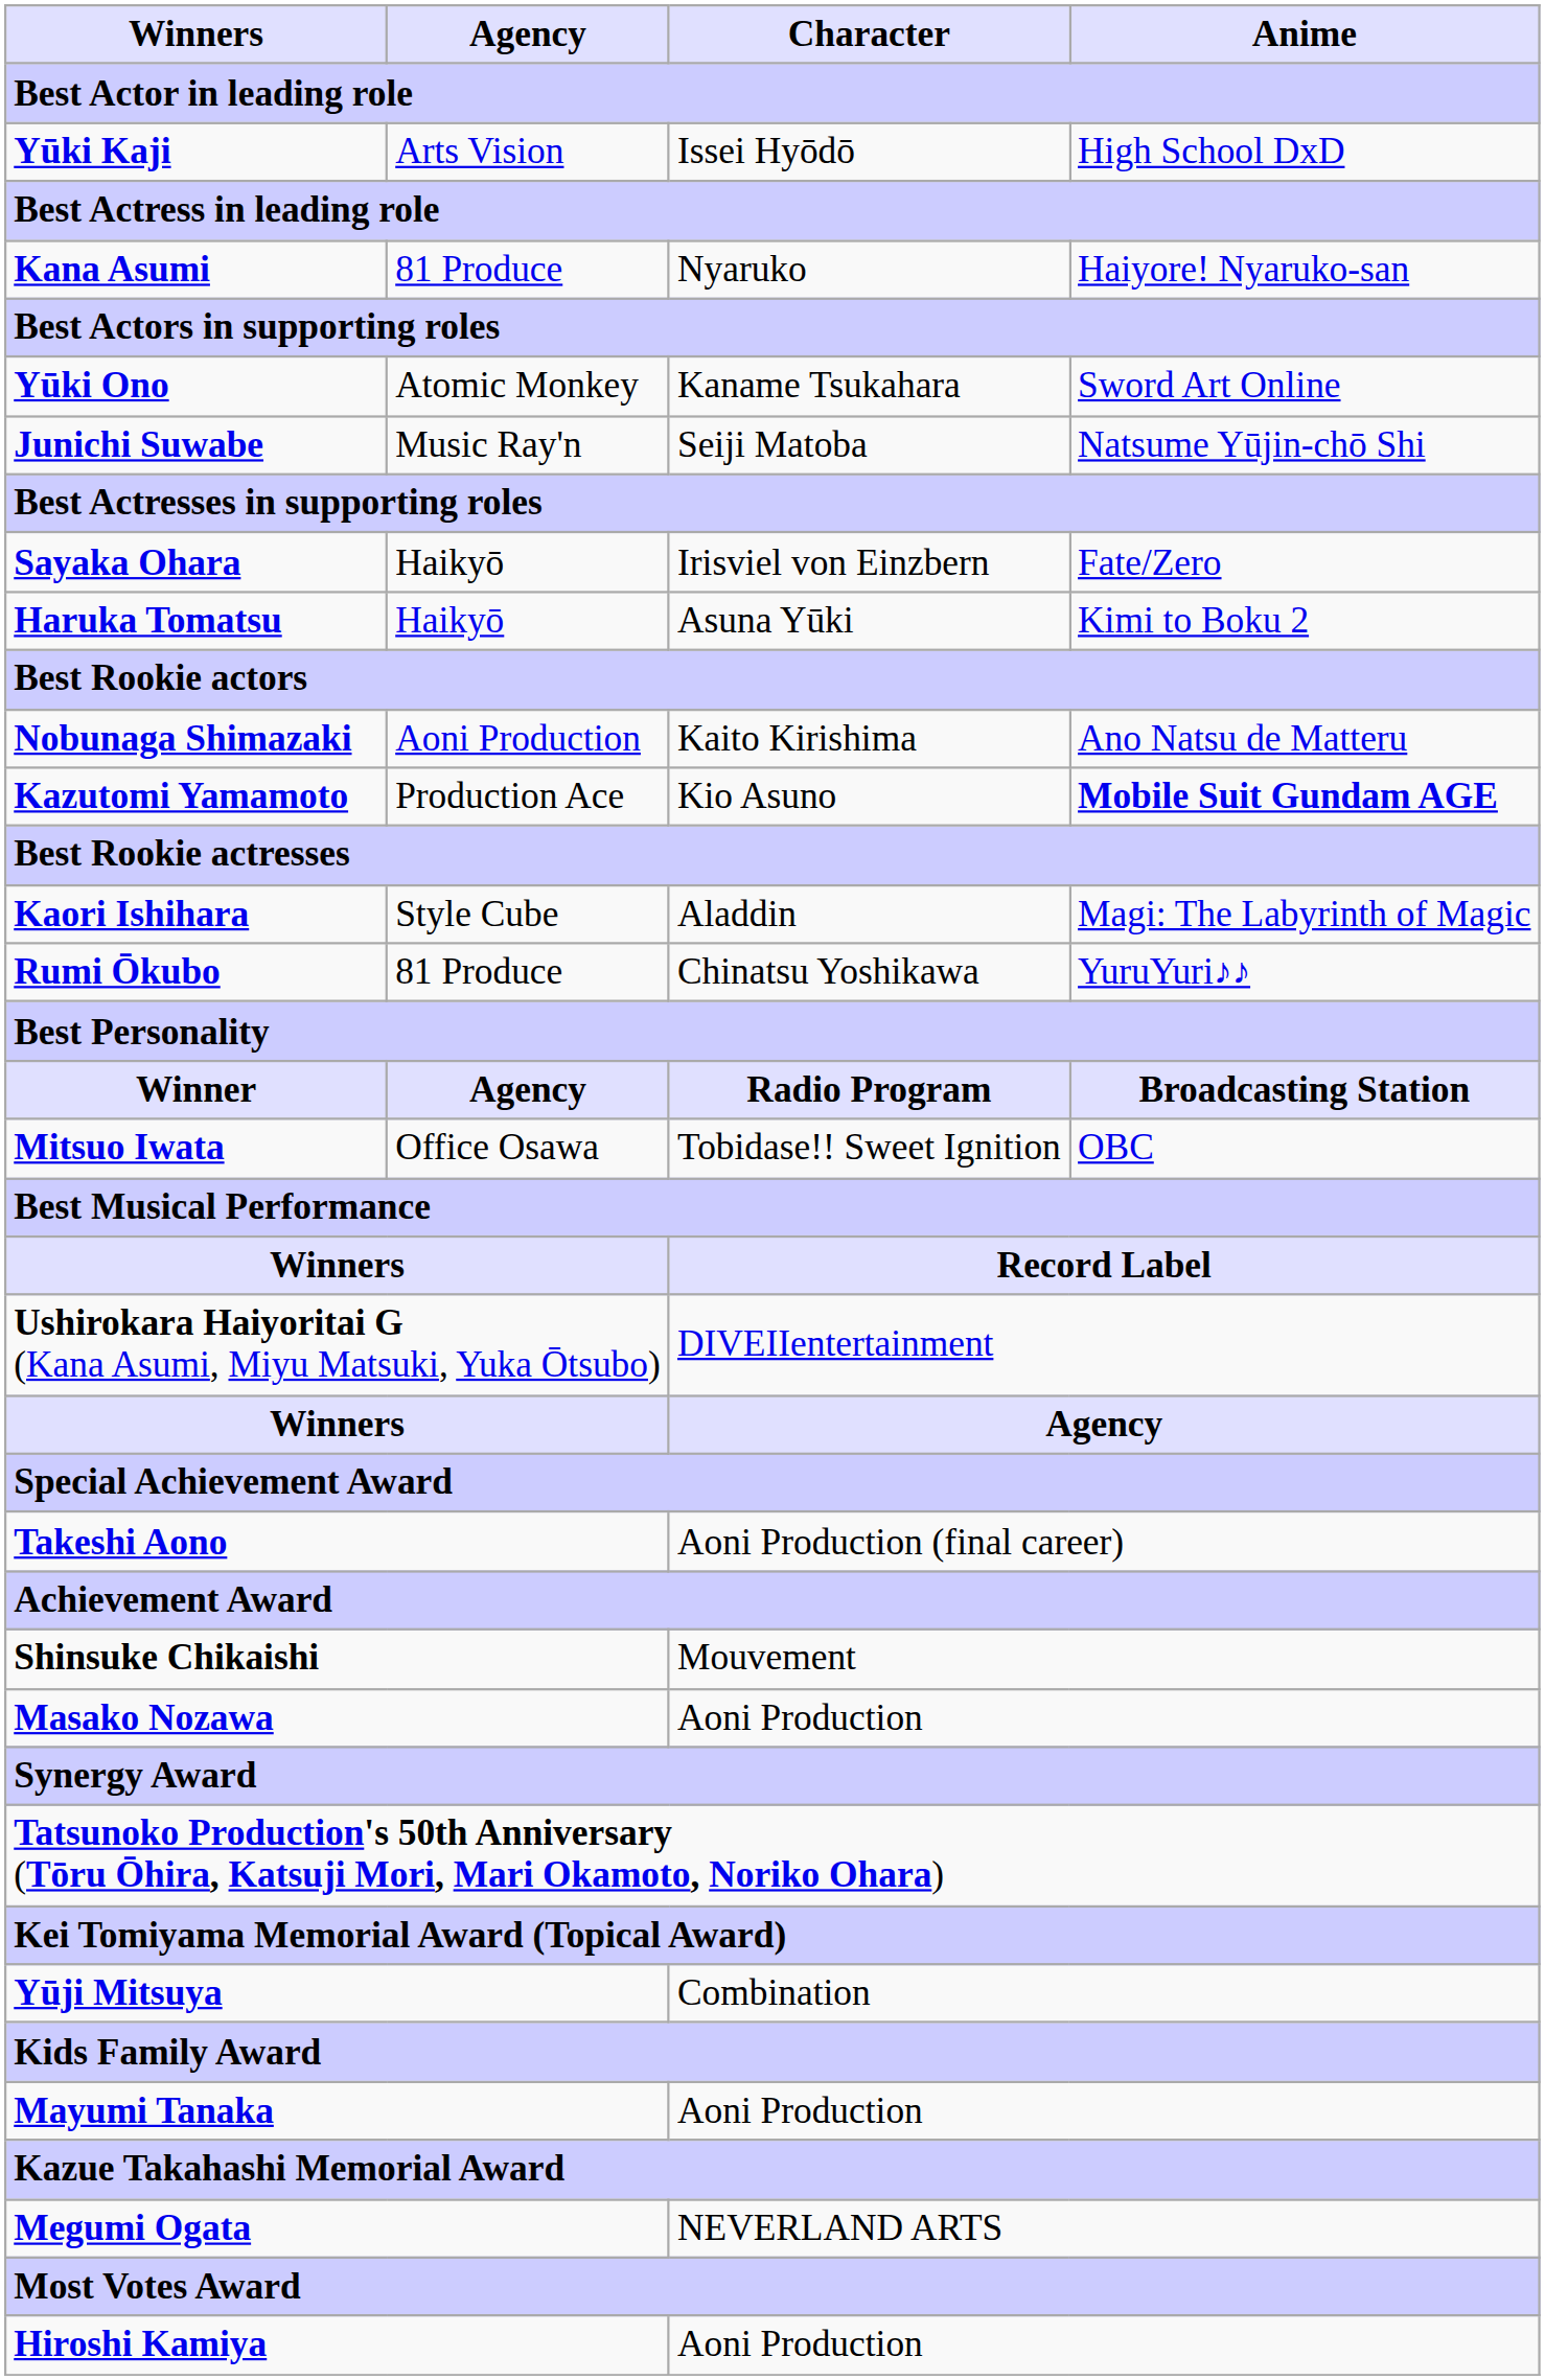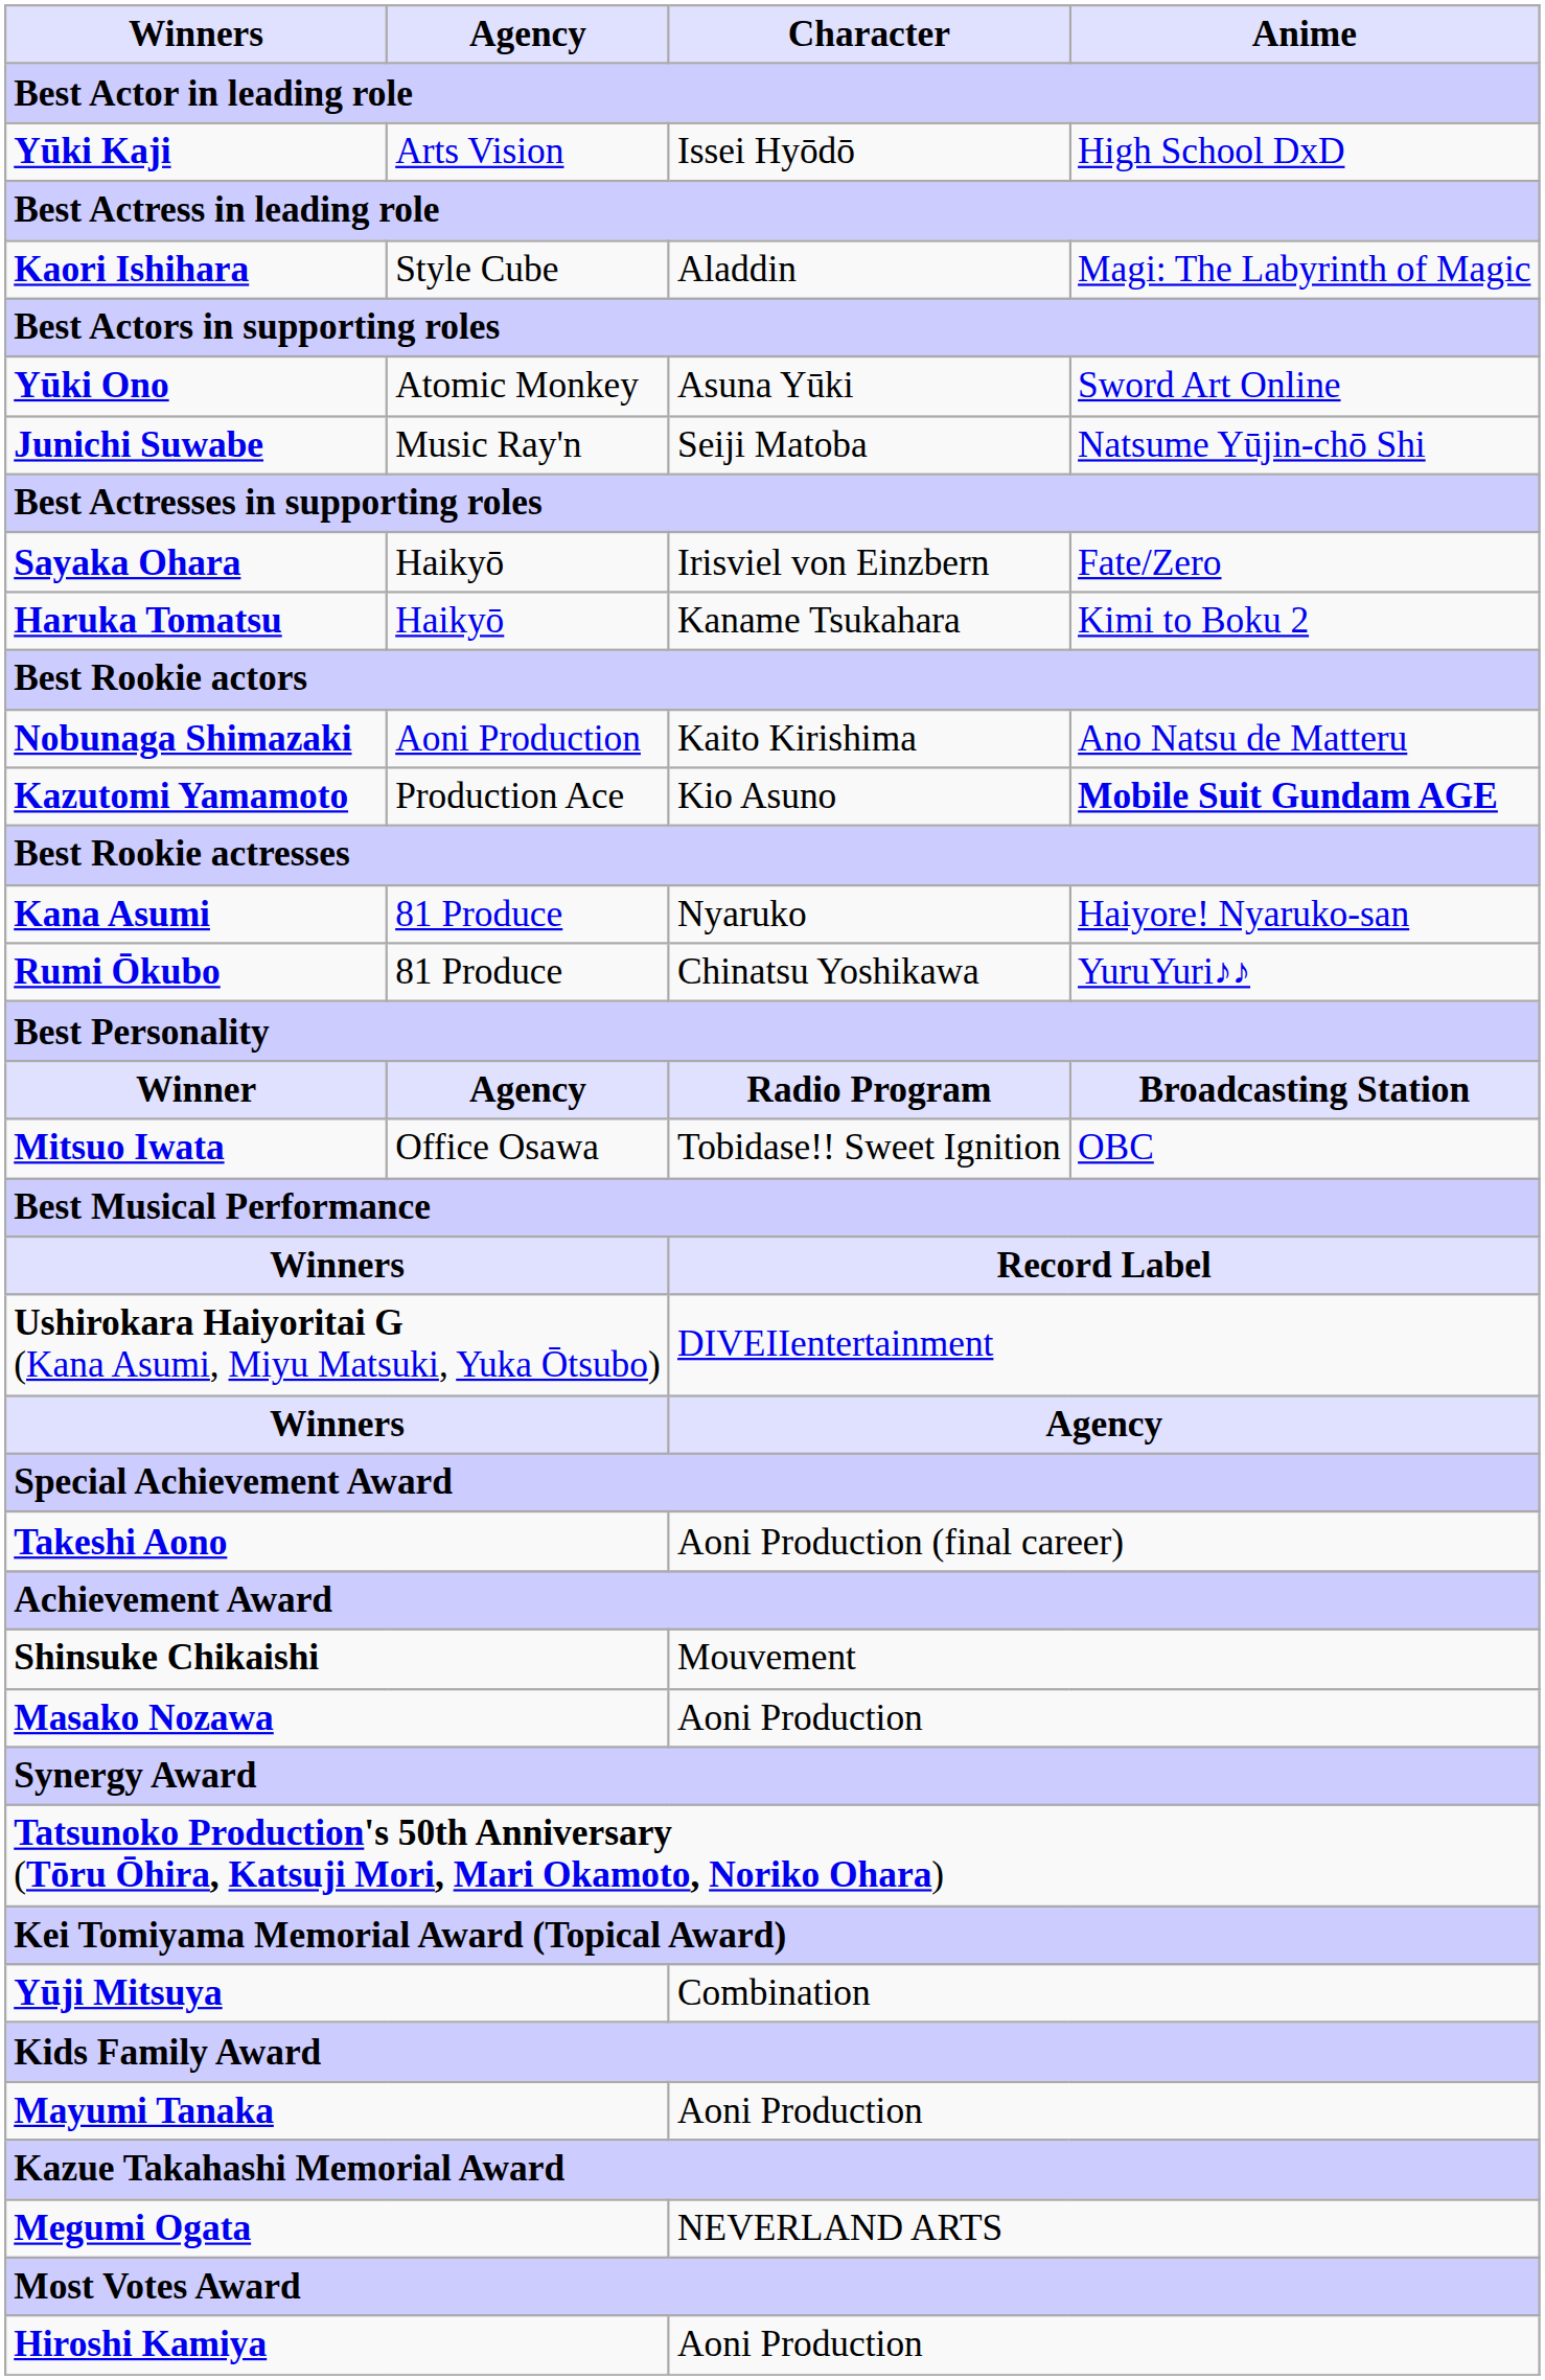 <table class="wikitable">
 <tr>
 <th style="background: #e0e0ff">Winners</th>
 <th style="background: #e0e0ff">Agency</th>
 <th style="background: #e0e0ff">Character</th>
 <th style="background: #e0e0ff">Anime</th>
 </tr>
 <tr>
 <td colspan="4" style="background: #ccccff"><strong>Best Actor in leading role</strong></td>
 </tr>
 <tr>
 <td><strong> <a href='#'>Yūki Kaji</a> </strong></td>
 <td><a href='#'>Arts Vision</a></td>
 <td>Issei Hyōdō</td>
 <td><a href='#'>High School DxD</a></td>
 </tr>
 <tr>
 <td colspan="4" style="background: #ccccff"><strong>Best Actress in leading role</strong></td>
 </tr>
 <tr>
-<td><strong> <a href='#'>Kana Asumi</a> </strong></td>
-<td><a href='#'>81 Produce</a></td>
-<td>Nyaruko</td>
-<td><a href='#'>Haiyore! Nyaruko-san</a></td>
+<td><strong><a href='#'>Kaori Ishihara</a></strong></td>
+<td>Style Cube</td>
+<td>Aladdin</td>
+<td><a href='#'>Magi: The Labyrinth of Magic</a></td>
 </tr>
 <tr>
 <td colspan="4" style="background: #ccccff"><strong>Best Actors in supporting roles</strong></td>
 </tr>
 <tr>
 <td><strong> <a href='#'>Yūki Ono</a> </strong></td>
 <td>Atomic Monkey</td>
-<td>Kaname Tsukahara</td>
+<td>Asuna Yūki</td>
 <td><a href='#'>Sword Art Online</a></td>
 </tr>
 <tr>
 <td><strong> <a href='#'>Junichi Suwabe</a> </strong></td>
 <td>Music Ray'n</td>
 <td>Seiji Matoba</td>
 <td><a href='#'>Natsume Yūjin-chō Shi</a></td>
 </tr>
 <tr>
 <td colspan="4" style="background: #ccccff"><strong>Best Actresses in supporting roles</strong></td>
 </tr>
 <tr>
 <td><strong> <a href='#'>Sayaka Ohara</a> </strong></td>
 <td>Haikyō</td>
 <td>Irisviel von Einzbern</td>
 <td><a href='#'>Fate/Zero</a></td>
 </tr>
 <tr>
 <td><strong> <a href='#'>Haruka Tomatsu</a> </strong></td>
 <td><a href='#'>Haikyō</a></td>
-<td>Asuna Yūki</td>
+<td>Kaname Tsukahara</td>
 <td><a href='#'>Kimi to Boku 2</a></td>
 </tr>
 <tr>
 <td colspan="4" style="background: #ccccff"><strong>Best Rookie actors</strong></td>
 </tr>
 <tr>
 <td><strong><a href='#'>Nobunaga Shimazaki</a> </strong></td>
 <td><a href='#'>Aoni Production</a></td>
 <td>Kaito Kirishima</td>
 <td><a href='#'>Ano Natsu de Matteru</a></td>
 </tr>
 <tr>
 <td><strong> <a href='#'>Kazutomi Yamamoto</a> </strong></td>
 <td>Production Ace</td>
 <td>Kio Asuno</td>
 <td><strong><a href='#'>Mobile Suit Gundam AGE</a></strong></td>
 </tr>
 <tr>
 <td colspan="4" style="background: #ccccff"><strong>Best Rookie actresses</strong></td>
 </tr>
 <tr>
-<td><strong><a href='#'>Kaori Ishihara</a></strong></td>
-<td>Style Cube</td>
-<td>Aladdin</td>
-<td><a href='#'>Magi: The Labyrinth of Magic</a></td>
+<td><strong> <a href='#'>Kana Asumi</a> </strong></td>
+<td><a href='#'>81 Produce</a></td>
+<td>Nyaruko</td>
+<td><a href='#'>Haiyore! Nyaruko-san</a></td>
 </tr>
 <tr>
 <td><strong><a href='#'>Rumi Ōkubo</a></strong></td>
 <td>81 Produce</td>
 <td>Chinatsu Yoshikawa</td>
 <td><a href='#'> YuruYuri♪♪</a></td>
 </tr>
 <tr>
 <td colspan="4" style="background: #ccccff"><strong>Best Personality</strong></td>
 </tr>
 <tr>
 <th style="background: #e0e0ff">Winner</th>
 <th style="background: #e0e0ff">Agency</th>
 <th style="background: #e0e0ff">Radio Program</th>
 <th style="background: #e0e0ff">Broadcasting Station</th>
 </tr>
 <tr>
 <td><strong><a href='#'>Mitsuo Iwata</a></strong></td>
 <td>Office Osawa</td>
 <td>Tobidase!! Sweet Ignition</td>
 <td><a href='#'>OBC</a></td>
 </tr>
 <tr>
 <td colspan="4" style="background: #ccccff"><strong>Best Musical Performance</strong></td>
 </tr>
 <tr>
 <th colspan="2" style="background: #e0e0ff">Winners</th>
 <th colspan="2" style="background: #e0e0ff">Record Label</th>
 </tr>
 <tr>
 <td colspan="2"><strong> Ushirokara Haiyoritai G </strong><br>(<a href='#'>Kana Asumi</a>, <a href='#'>Miyu Matsuki</a>, <a href='#'>Yuka Ōtsubo</a>)</td>
 <td colspan="2"><a href='#'>DIVEIIentertainment</a></td>
 </tr>
 <tr>
 <th colspan="2" style="background: #e0e0ff">Winners</th>
 <th colspan="2" style="background: #e0e0ff">Agency</th>
 </tr>
 <tr>
 <td colspan="4" style="background: #ccccff"><strong>Special Achievement Award</strong></td>
 </tr>
 <tr>
 <td colspan="2"><strong><a href='#'>Takeshi Aono</a></strong></td>
 <td colspan="2">Aoni Production (final career)</td>
 </tr>
 <tr>
 <td colspan="4" style="background: #ccccff"><strong>Achievement Award</strong></td>
 </tr>
 <tr>
 <td colspan="2"><strong>Shinsuke Chikaishi</strong></td>
 <td colspan="2">Mouvement</td>
 </tr>
 <tr>
 <td colspan="2"><strong><a href='#'>Masako Nozawa</a></strong></td>
 <td colspan="2">Aoni Production</td>
 </tr>
 <tr>
 <td colspan="4" style="background: #ccccff"><strong>Synergy Award</strong></td>
 </tr>
 <tr>
 <td colspan="4"><strong><a href='#'>Tatsunoko Production</a>'s 50th Anniversary</strong><br> (<strong><a href='#'>Tōru Ōhira</a>, <a href='#'>Katsuji Mori</a>, <a href='#'>Mari Okamoto</a>, <a href='#'>Noriko Ohara</a></strong>)</td>
 </tr>
 <tr>
 <td colspan="4" style="background: #ccccff"><strong>Kei Tomiyama Memorial Award (Topical Award)</strong></td>
 </tr>
 <tr>
 <td colspan="2"><strong><a href='#'>Yūji Mitsuya</a></strong></td>
 <td colspan="2">Combination</td>
 </tr>
 <tr>
 <td colspan="4" style="background: #ccccff"><strong>Kids Family Award</strong></td>
 </tr>
 <tr>
 <td colspan="2"><strong><a href='#'>Mayumi Tanaka</a></strong></td>
 <td colspan="2">Aoni Production</td>
 </tr>
 <tr>
 <td colspan="4" style="background: #ccccff"><strong>Kazue Takahashi Memorial Award</strong></td>
 </tr>
 <tr>
 <td colspan="2"><strong><a href='#'>Megumi Ogata</a></strong></td>
 <td colspan="2">NEVERLAND ARTS</td>
 </tr>
 <tr>
 <td colspan="4" style="background: #ccccff"><strong>Most Votes Award</strong></td>
 </tr>
 <tr>
 <td colspan="2"><strong><a href='#'>Hiroshi Kamiya</a></strong></td>
 <td colspan="2">Aoni Production</td>
 </tr>
 <tr>
 </tr>
 </table>
